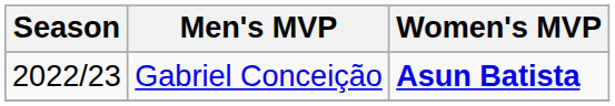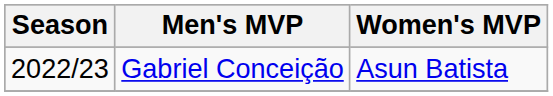 <table class="wikitable" style="text-align:left">
 <tr>
 <th>Season</th>
 <th>Men's MVP</th>
 <th>Women's MVP</th>
 </tr>
 <tr>
 <td>2022/23</td>
 <td> <a href='#'>Gabriel Conceição</a></td>
-<td><strong> <a href='#'>Asun Batista</a></strong></td>
+<td> <a href='#'>Asun Batista</a></td>
 </tr>
 <tr>
 </tr>
 </table>
